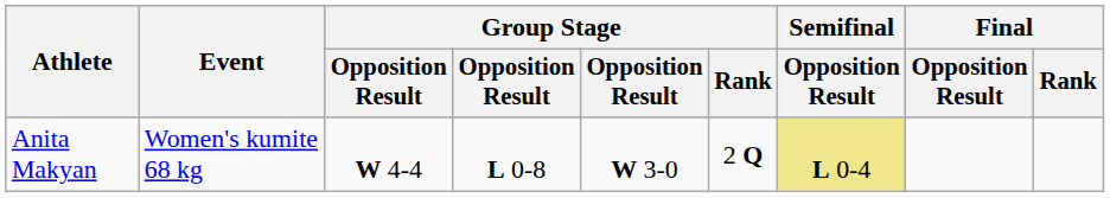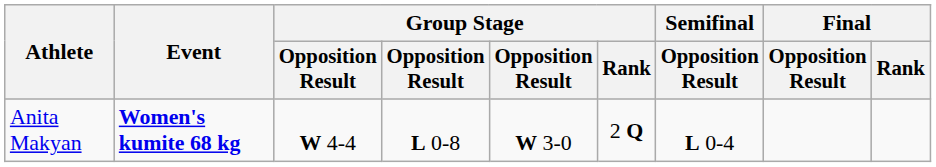 <table class="wikitable" style="text-align:center; font-size:90%">
 <tr>
 <th rowspan="2">Athlete</th>
 <th rowspan="2">Event</th>
 <th colspan="4">Group Stage</th>
 <th>Semifinal</th>
 <th colspan="2">Final</th>
 </tr>
 <tr style="font-size:95%">
 <th>Opposition<br>Result</th>
 <th>Opposition<br>Result</th>
 <th>Opposition<br>Result</th>
 <th>Rank</th>
 <th>Opposition<br>Result</th>
 <th>Opposition<br>Result</th>
 <th>Rank</th>
 </tr>
 <tr>
 <td align="left"><a href='#'>Anita Makyan</a></td>
-<td align="left"><a href='#'>Women's kumite 68 kg</a></td>
+<td align="left"><strong><a href='#'>Women's kumite 68 kg</a></strong></td>
 <td><br><strong>W</strong> 4-4</td>
 <td><br><strong>L</strong> 0-8</td>
 <td><br><strong>W</strong> 3-0</td>
 <td>2 <strong>Q</strong></td>
-<td style="background: khaki;"><br><strong>L</strong> 0-4</td>
+<td><br><strong>L</strong> 0-4</td>
 <td></td>
 <td></td>
 </tr>
 </table>
